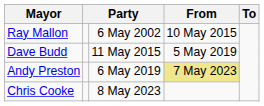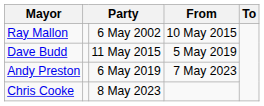 <table class=wikitable>
 <tr>
 <th>Mayor</th>
 <th colspan=2>Party</th>
 <th>From</th>
 <th>To</th>
 </tr>
 <tr>
 <td><a href='#'>Ray Mallon</a></td>
 <td></td>
 <td align=right>6 May 2002</td>
 <td align=right>10 May 2015</td>
 </tr>
 <tr>
 <td><a href='#'>Dave Budd</a></td>
 <td></td>
 <td align=right>11 May 2015</td>
 <td align=right>5 May 2019</td>
 </tr>
 <tr>
 <td><a href='#'>Andy Preston</a></td>
 <td></td>
 <td align=right>6 May 2019</td>
-<td align=right style="background: khaki;">7 May 2023</td>
+<td align=right>7 May 2023</td>
 </tr>
 <tr>
 <td><a href='#'>Chris Cooke</a></td>
 <td></td>
 <td align=right>8 May 2023</td>
 <td></td>
 </tr>
 </table>
